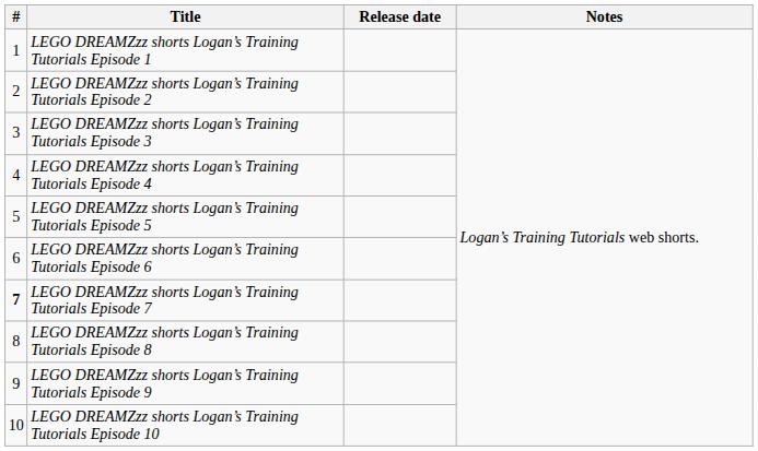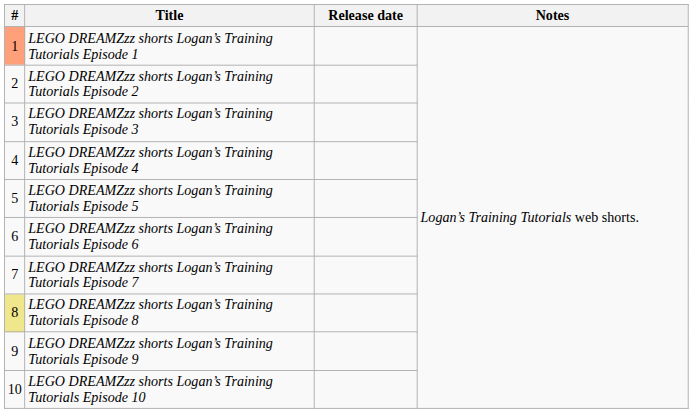 <table class="wikitable sortable">
 <tr>
 <th width=10>#</th>
 <th width=321>Title</th>
 <th width=110>Release date</th>
 <th width=300>Notes</th>
 </tr>
 <tr>
-<td align="center">1</td>
+<td align="center" style="background: lightsalmon;">1</td>
 <td><em>LEGO DREAMZzz shorts Logan’s Training Tutorials Episode 1</em></td>
 <td align="right"></td>
 <td rowspan="10"><em>Logan’s Training Tutorials</em> web shorts.</td>
 </tr>
 <tr>
 <td align="center">2</td>
 <td><em>LEGO DREAMZzz shorts Logan’s Training Tutorials Episode 2</em></td>
 <td align="right"></td>
 </tr>
 <tr>
 <td align="center">3</td>
 <td><em>LEGO DREAMZzz shorts Logan’s Training Tutorials Episode 3</em></td>
 <td align="right"></td>
 </tr>
 <tr>
 <td align="center">4</td>
 <td><em>LEGO DREAMZzz shorts Logan’s Training Tutorials Episode 4</em></td>
 <td align="right"></td>
 </tr>
 <tr>
 <td align="center">5</td>
 <td><em>LEGO DREAMZzz shorts Logan’s Training Tutorials Episode 5</em></td>
 <td align="right"></td>
 </tr>
 <tr>
 <td align="center">6</td>
 <td><em>LEGO DREAMZzz shorts Logan’s Training Tutorials Episode 6</em></td>
 <td align="right"></td>
 </tr>
 <tr>
-<td align="center"><strong>7</strong></td>
+<td align="center">7</td>
 <td><em>LEGO DREAMZzz shorts Logan’s Training Tutorials Episode 7</em></td>
 <td align="right"></td>
 </tr>
 <tr>
-<td align="center">8</td>
+<td align="center" style="background: khaki;">8</td>
 <td><em>LEGO DREAMZzz shorts Logan’s Training Tutorials Episode 8</em></td>
 <td align="right"></td>
 </tr>
 <tr>
 <td align="center">9</td>
 <td><em>LEGO DREAMZzz shorts Logan’s Training Tutorials Episode 9</em></td>
 <td align="right"></td>
 </tr>
 <tr>
 <td align="center">10</td>
 <td><em>LEGO DREAMZzz shorts Logan’s Training Tutorials Episode 10</em></td>
 <td align="right"></td>
 </tr>
 </table>
